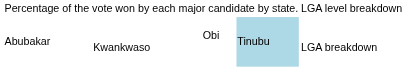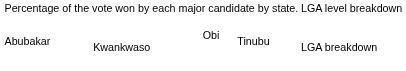 <table align=center>
 <tr>
 <td colspan=4>Percentage of the vote won by each major candidate by state.</td>
 <td width=220px>LGA level breakdown</td>
 </tr>
 <tr>
 <td><br>Abubakar<br>  <br> </td>
 <td><br>Kwankwaso<br> </td>
 <td><br>Obi<br>  <br>  <br> </td>
-<td style="background: lightblue;"><br>Tinubu<br>  <br> </td>
+<td><br>Tinubu<br>  <br> </td>
 <td><br>LGA breakdown</td>
 </tr>
 </table>
